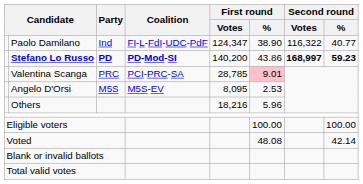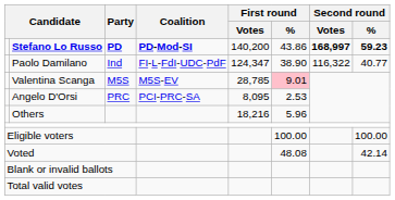 <table class="wikitable centre">
 <tr>
 <th scope="col" rowspan=2 colspan=2>Candidate</th>
 <th scope="col" rowspan=2 colspan=1>Party</th>
 <th scope="col" rowspan=2 colspan=1>Coalition</th>
 <th scope="col" colspan=2>First round</th>
 <th scope="col" colspan=2>Second round</th>
 </tr>
 <tr>
 <th scope="col">Votes</th>
 <th scope="col">%</th>
 <th scope="col">Votes</th>
 <th scope="col">%</th>
 </tr>
 <tr>
 <td></td>
+<td><strong><a href='#'>Stefano Lo Russo</a></strong></td>
+<td><strong><a href='#'>PD</a></strong></td>
+<td><strong><a href='#'>PD</a>-<a href='#'>Mod</a>-<a href='#'>SI</a></strong></td>
+<td style="text-align: right">140,200</td>
+<td style="text-align: right">43.86</td>
+<td style="text-align: right"><strong>168,997</strong></td>
+<td style="text-align: right"><strong>59.23</strong></td>
+</tr>
+<tr>
+<td></td>
 <td>Paolo Damilano</td>
 <td><a href='#'>Ind</a></td>
 <td><a href='#'>FI</a>-<a href='#'>L</a>-<a href='#'>FdI</a>-<a href='#'>UDC</a>-<a href='#'>PdF</a></td>
 <td style="text-align: right">124,347</td>
 <td style="text-align: right">38.90</td>
 <td style="text-align: right">116,322</td>
 <td style="text-align: right">40.77</td>
 </tr>
 <tr>
 <td></td>
-<td><strong><a href='#'>Stefano Lo Russo</a></strong></td>
-<td><strong><a href='#'>PD</a></strong></td>
-<td><strong><a href='#'>PD</a>-<a href='#'>Mod</a>-<a href='#'>SI</a></strong></td>
-<td style="text-align: right">140,200</td>
-<td style="text-align: right">43.86</td>
-<td style="text-align: right"><strong>168,997</strong></td>
-<td style="text-align: right"><strong>59.23</strong></td>
-</tr>
-<tr>
-<td></td>
 <td>Valentina Scanga</td>
-<td><a href='#'>PRC</a></td>
-<td><a href='#'>PCI</a>-<a href='#'>PRC</a>-<a href='#'>SA</a></td>
+<td><a href='#'>M5S</a></td>
+<td><a href='#'>M5S</a>-<a href='#'>EV</a></td>
 <td style="text-align: right">28,785</td>
 <td style="background: pink; text-align: right">9.01</td>
 </tr>
 <tr>
 <td></td>
 <td>Angelo D'Orsi</td>
-<td><a href='#'>M5S</a></td>
-<td><a href='#'>M5S</a>-<a href='#'>EV</a></td>
+<td><a href='#'>PRC</a></td>
+<td><a href='#'>PCI</a>-<a href='#'>PRC</a>-<a href='#'>SA</a></td>
 <td style="text-align: right">8,095</td>
 <td style="text-align: right">2.53</td>
 </tr>
 <tr>
 <td bgcolor=""></td>
 <td>Others</td>
 <td></td>
 <td></td>
 <td style="text-align: right">18,216</td>
 <td style="text-align: right">5.96</td>
 </tr>
 <tr bgcolor=white>
 <td colspan=8></td>
 </tr>
 <tr>
 <td colspan=3>Eligible voters</td>
 <td></td>
 <td style="text-align: right"></td>
 <td style="text-align: right">100.00</td>
 <td style="text-align: right"></td>
 <td style="text-align: right">100.00</td>
 </tr>
 <tr>
 <td colspan=3>Voted</td>
 <td></td>
 <td style="text-align: right"></td>
 <td style="text-align: right">48.08</td>
 <td style="text-align: right"></td>
 <td style="text-align: right">42.14</td>
 </tr>
 <tr>
 <td colspan=3>Blank or invalid ballots</td>
 <td></td>
 <td style="text-align: right"></td>
 <td style="text-align: right"></td>
 <td style="text-align: right"></td>
 <td style="text-align: right"></td>
 </tr>
 <tr>
 <td colspan=3>Total valid votes</td>
 <td></td>
 <td style="text-align: right"></td>
 <td style="text-align: right"></td>
 <td style="text-align: right"></td>
 <td style="text-align: right"></td>
 </tr>
 </table>
